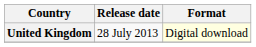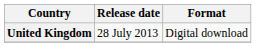 <table class="wikitable plainrowheaders">
 <tr>
 <th scope="col">Country</th>
 <th scope="col">Release date</th>
 <th scope="col">Format</th>
 </tr>
 <tr>
 <th scope="row">United Kingdom</th>
 <td>28 July 2013</td>
-<td style="background: lightyellow;">Digital download</td>
+<td>Digital download</td>
 </tr>
 <tr>
 </tr>
 </table>
